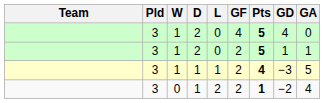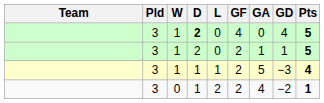 <table class="wikitable" style="text-align:center;">
 <tr>
 <th width=180>Team</th>
 <th width=20>Pld</th>
 <th width=20>W</th>
 <th width=20>D</th>
 <th width=20>L</th>
 <th width=20>GF</th>
+<th width=20>GA</th>
+<th width=20>GD</th>
 <th width=20>Pts</th>
-<th width=20>GD</th>
-<th width=20>GA</th>
 </tr>
 <tr bgcolor="ccffcc">
 <td align="left"></td>
 <td>3</td>
 <td>1</td>
-<td>2</td>
+<td><strong>2</strong></td>
+<td>0</td>
+<td>4</td>
 <td>0</td>
 <td>4</td>
 <td><strong>5</strong></td>
-<td>4</td>
-<td>0</td>
 </tr>
 <tr bgcolor="ccffcc">
 <td align="left"></td>
 <td>3</td>
 <td>1</td>
 <td>2</td>
 <td>0</td>
 <td>2</td>
-<td><strong>5</strong></td>
 <td>1</td>
 <td>1</td>
+<td><strong>5</strong></td>
 </tr>
 <tr bgcolor="ffffcc">
 <td align="left"></td>
 <td>3</td>
 <td>1</td>
 <td>1</td>
 <td>1</td>
 <td>2</td>
+<td>5</td>
+<td>−3</td>
 <td><strong>4</strong></td>
-<td>−3</td>
-<td>5</td>
 </tr>
 <tr>
 <td align="left"><em></em></td>
 <td>3</td>
 <td>0</td>
 <td>1</td>
 <td>2</td>
 <td>2</td>
+<td>4</td>
+<td>−2</td>
 <td><strong>1</strong></td>
-<td>−2</td>
-<td>4</td>
 </tr>
 </table>
